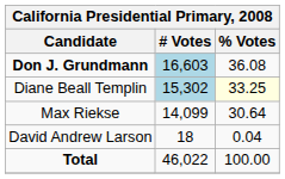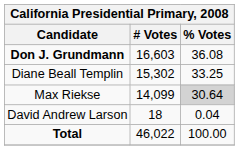 <table class=wikitable style="text-align:center;">
 <tr bgcolor=lightgrey>
 <th colspan="4">California Presidential Primary, 2008 </th>
 </tr>
 <tr bgcolor=lightgrey>
 <th>Candidate</th>
 <th># Votes</th>
 <th>% Votes</th>
 </tr>
 <tr>
 <td><strong>Don J. Grundmann</strong></td>
-<td style="background: lightblue;">16,603</td>
+<td>16,603</td>
 <td>36.08</td>
 </tr>
 <tr>
 <td>Diane Beall Templin</td>
-<td style="background: lightblue;">15,302</td>
-<td style="background: lightyellow;">33.25</td>
+<td>15,302</td>
+<td>33.25</td>
 </tr>
 <tr>
 <td>Max Riekse</td>
 <td>14,099</td>
-<td>30.64</td>
+<td style="background: lightgrey;">30.64</td>
 </tr>
 <tr>
 <td>David Andrew Larson</td>
 <td>18</td>
 <td>0.04</td>
 </tr>
 <tr>
 <td><strong>Total</strong></td>
 <td>46,022</td>
 <td>100.00</td>
 </tr>
 <tr>
 </tr>
 </table>
